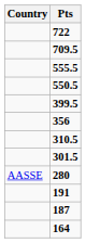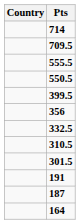 <table class="wikitable" style="display:inline-table;">
 <tr>
 <th>Country</th>
 <th>Pts</th>
 </tr>
 <tr>
 <td></td>
-<td><strong>722</strong></td>
+<td><strong>714</strong></td>
 </tr>
 <tr>
 <td></td>
 <td><strong>709.5</strong></td>
 </tr>
 <tr>
 <td></td>
 <td><strong>555.5</strong></td>
 </tr>
 <tr>
 <td></td>
 <td><strong>550.5</strong></td>
 </tr>
 <tr>
 <td></td>
 <td><strong>399.5</strong></td>
 </tr>
 <tr>
 <td></td>
 <td><strong>356</strong></td>
 </tr>
 <tr>
 <td></td>
+<td><strong>332.5</strong></td>
+</tr>
+<tr>
+<td></td>
 <td><strong>310.5</strong></td>
 </tr>
 <tr>
 <td></td>
 <td><strong>301.5</strong></td>
-</tr>
-<tr>
-<td><a href='#'>AASSE</a></td>
-<td><strong>280</strong></td>
 </tr>
 <tr>
 <td></td>
 <td><strong>191</strong></td>
 </tr>
 <tr>
 <td></td>
 <td><strong>187</strong></td>
 </tr>
 <tr>
 <td></td>
 <td><strong>164</strong></td>
 </tr>
 </table>
